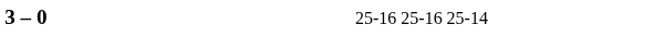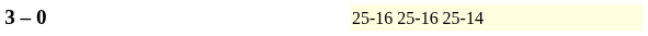 <table>
 <tr>
 <th width=200></th>
 <th width=80></th>
 <th width=200></th>
 <th width=220></th>
 </tr>
 <tr>
 <td align=right><strong></strong></td>
 <td align=center><strong>3 – 0</strong></td>
 <td></td>
-<td><small>25-16 25-16 25-14</small></td>
+<td style="background: lightyellow;"><small>25-16 25-16 25-14</small></td>
 </tr>
 </table>
